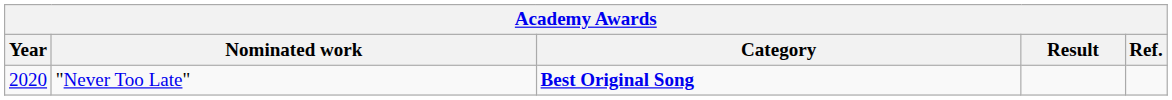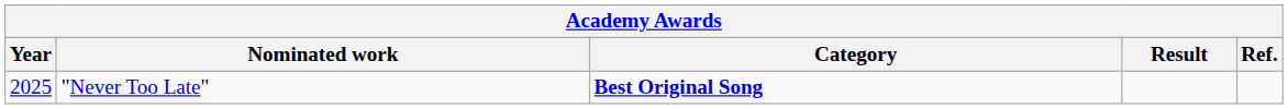 <table class="wikitable">
 <tr>
 <th colspan="5" align="center"><a href='#'>Academy Awards</a></th>
 </tr>
 <tr>
 <th scope="col" style="width:1em;">Year</th>
 <th scope="col" style="width:25em;">Nominated work</th>
 <th scope="col" style="width:25em;">Category</th>
 <th scope="col" style="width:5em;">Result</th>
 <th scope="col" style="width:1em;">Ref.</th>
 </tr>
 <tr>
-<td><a href='#'>2020</a></td>
+<td><a href='#'>2025</a></td>
 <td>"<a href='#'>Never Too Late</a>" </td>
 <td><strong><a href='#'>Best Original Song</a></strong></td>
 <td></td>
 <td align="center"></td>
 </tr>
 </table>
